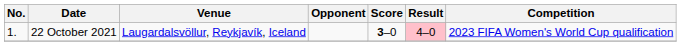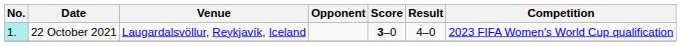 <table class="wikitable">
 <tr>
 <th>No.</th>
 <th>Date</th>
 <th>Venue</th>
 <th>Opponent</th>
 <th>Score</th>
 <th>Result</th>
 <th>Competition</th>
 </tr>
 <tr>
-<td>1.</td>
+<td style="background: paleturquoise;">1.</td>
 <td>22 October 2021</td>
 <td><a href='#'>Laugardalsvöllur</a>, <a href='#'>Reykjavík</a>, <a href='#'>Iceland</a></td>
 <td></td>
 <td align=center><strong>3</strong>–0</td>
-<td align=center style="background: pink;">4–0</td>
+<td align=center>4–0</td>
 <td><a href='#'>2023 FIFA Women's World Cup qualification</a></td>
 </tr>
 <tr>
 </tr>
 </table>
